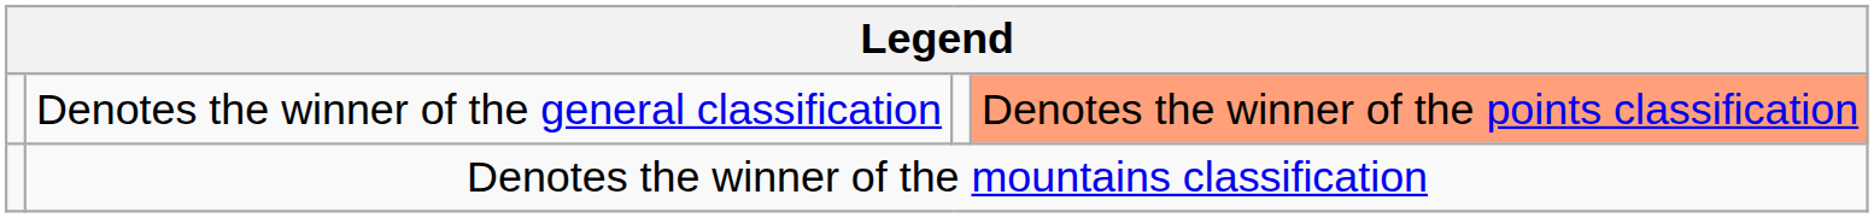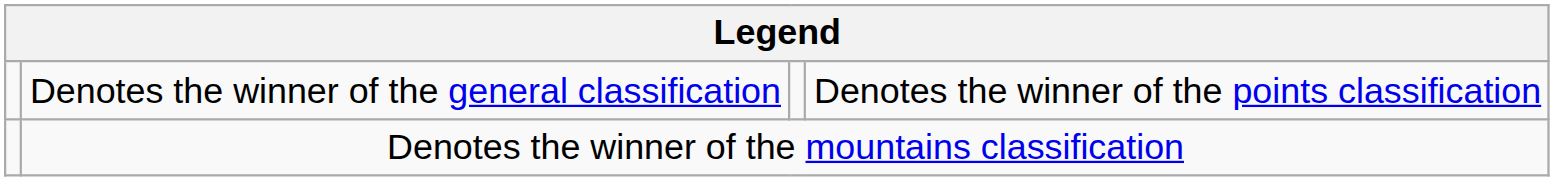 <table class="wikitable">
 <tr>
 <th scope="col" colspan="4">Legend</th>
 </tr>
 <tr>
 <td></td>
 <td>Denotes the winner of the <a href='#'>general classification</a></td>
 <td></td>
-<td style="background: lightsalmon;">Denotes the winner of the <a href='#'>points classification</a></td>
+<td>Denotes the winner of the <a href='#'>points classification</a></td>
 </tr>
 <tr>
 <td></td>
 <td colspan="4" style="text-align:center;">Denotes the winner of the <a href='#'>mountains classification</a></td>
 </tr>
 </table>
